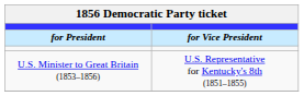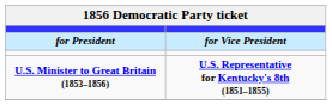 <table class="wikitable" style="font-size:90%; text-align:center;">
 <tr>
 <td style="background:#f1f1f1;" colspan="30"><big><strong>1856 Democratic Party ticket</strong></big></td>
 </tr>
 <tr>
 <th style="width:3em; font-size:135%; background:#3333FF; width:200px;"><a href='#'></a></th>
 <th style="width:3em; font-size:135%; background:#3333FF; width:200px;"><a href='#'></a></th>
 </tr>
 <tr>
 <td style="width:3em; font-size:100%; color:#000; background:#C8EBFF; width:200px;"><strong><em>for President</em></strong></td>
 <td style="width:3em; font-size:100%; color:#000; background:#C8EBFF; width:200px;"><strong><em>for Vice President</em></strong></td>
 </tr>
 <tr>
 <td></td>
 <td></td>
 </tr>
 <tr>
-<td><a href='#'>U.S. Minister to Great Britain</a><br><small>(1853–1856)</small></td>
-<td><a href='#'>U.S. Representative</a><br>for <a href='#'>Kentucky's 8th</a><br><small>(1851–1855)</small></td>
+<td><strong><a href='#'>U.S. Minister to Great Britain</a><br><small>(1853–1856)</small></strong></td>
+<td><strong><a href='#'>U.S. Representative</a><br>for <a href='#'>Kentucky's 8th</a><br><small>(1851–1855)</small></strong></td>
 </tr>
 <tr>
 </tr>
 </table>
